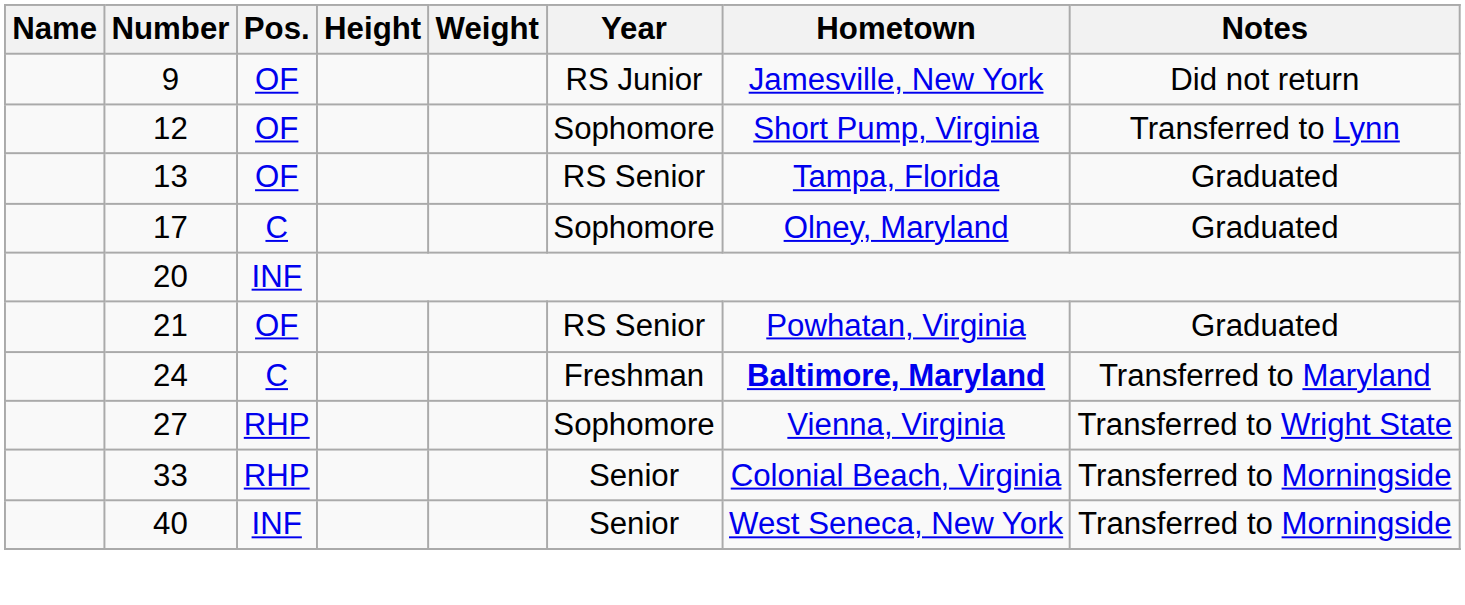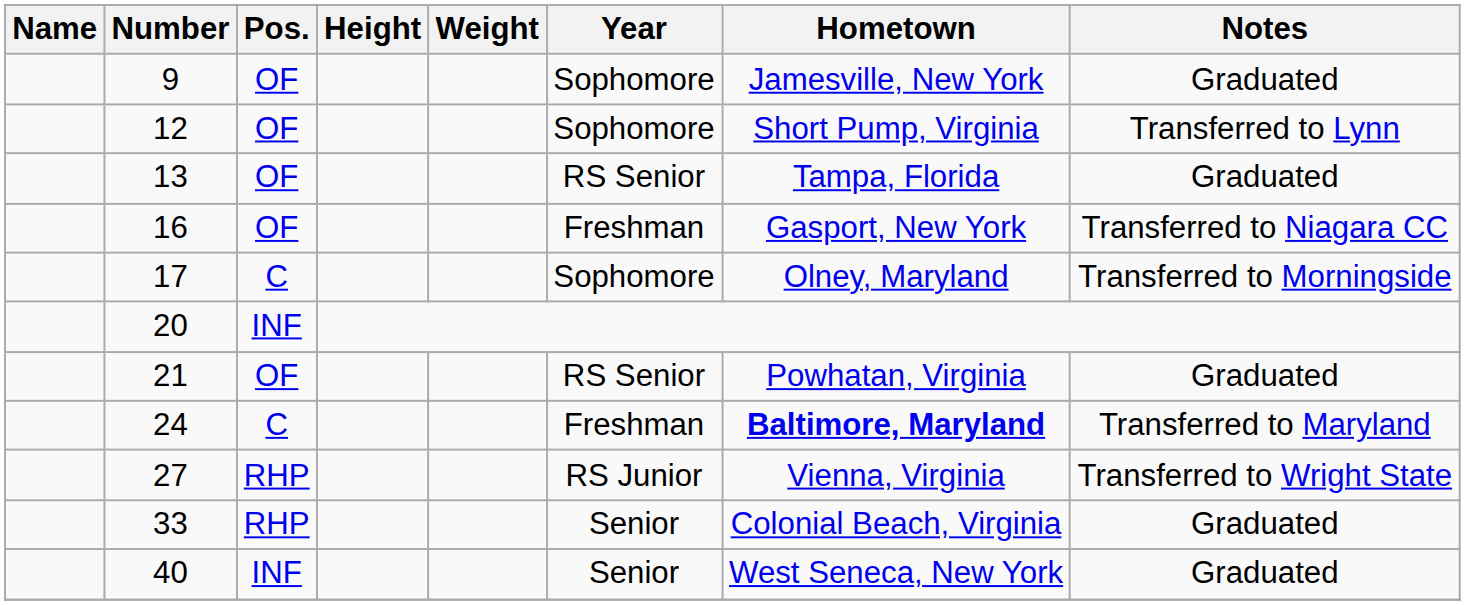 <table class="wikitable sortable sortable" style="text-align: center">
 <tr align=center>
 <th>Name</th>
 <th>Number</th>
 <th>Pos.</th>
 <th>Height</th>
 <th>Weight</th>
 <th>Year</th>
 <th>Hometown</th>
 <th>Notes</th>
 </tr>
 <tr>
 <td></td>
 <td>9</td>
 <td><a href='#'>OF</a></td>
 <td></td>
 <td></td>
-<td>RS Junior</td>
+<td>Sophomore</td>
 <td><a href='#'>Jamesville, New York</a></td>
-<td>Did not return</td>
+<td>Graduated</td>
 </tr>
 <tr>
 <td></td>
 <td>12</td>
 <td><a href='#'>OF</a></td>
 <td></td>
 <td></td>
 <td>Sophomore</td>
 <td><a href='#'>Short Pump, Virginia</a></td>
 <td>Transferred to <a href='#'>Lynn</a></td>
 </tr>
 <tr>
 <td></td>
 <td>13</td>
 <td><a href='#'>OF</a></td>
 <td></td>
 <td></td>
 <td>RS Senior</td>
 <td><a href='#'>Tampa, Florida</a></td>
 <td>Graduated</td>
 </tr>
 <tr>
 <td></td>
+<td>16</td>
+<td><a href='#'>OF</a></td>
+<td></td>
+<td></td>
+<td>Freshman</td>
+<td><a href='#'>Gasport, New York</a></td>
+<td>Transferred to <a href='#'>Niagara CC</a></td>
+</tr>
+<tr>
+<td></td>
 <td>17</td>
 <td><a href='#'>C</a></td>
 <td></td>
 <td></td>
 <td>Sophomore</td>
 <td><a href='#'>Olney, Maryland</a></td>
-<td>Graduated</td>
+<td>Transferred to <a href='#'>Morningside</a></td>
 </tr>
 <tr>
 <td></td>
 <td>20</td>
 <td><a href='#'>INF</a></td>
 </tr>
 <tr>
 <td></td>
 <td>21</td>
 <td><a href='#'>OF</a></td>
 <td></td>
 <td></td>
 <td>RS Senior</td>
 <td><a href='#'>Powhatan, Virginia</a></td>
 <td>Graduated</td>
 </tr>
 <tr>
 <td></td>
 <td>24</td>
 <td><a href='#'>C</a></td>
 <td></td>
 <td></td>
 <td>Freshman</td>
 <td><strong><a href='#'>Baltimore, Maryland</a></strong></td>
 <td>Transferred to <a href='#'>Maryland</a></td>
 </tr>
 <tr>
 <td></td>
 <td>27</td>
 <td><a href='#'>RHP</a></td>
 <td></td>
 <td></td>
-<td>Sophomore</td>
+<td>RS Junior</td>
 <td><a href='#'>Vienna, Virginia</a></td>
 <td>Transferred to <a href='#'>Wright State</a></td>
 </tr>
 <tr>
 <td></td>
 <td>33</td>
 <td><a href='#'>RHP</a></td>
 <td></td>
 <td></td>
 <td>Senior</td>
 <td><a href='#'>Colonial Beach, Virginia</a></td>
-<td>Transferred to <a href='#'>Morningside</a></td>
+<td>Graduated</td>
 </tr>
 <tr>
 <td></td>
 <td>40</td>
 <td><a href='#'>INF</a></td>
 <td></td>
 <td></td>
 <td>Senior</td>
 <td><a href='#'>West Seneca, New York</a></td>
-<td>Transferred to <a href='#'>Morningside</a></td>
+<td>Graduated</td>
 </tr>
 <tr>
 </tr>
 </table>
